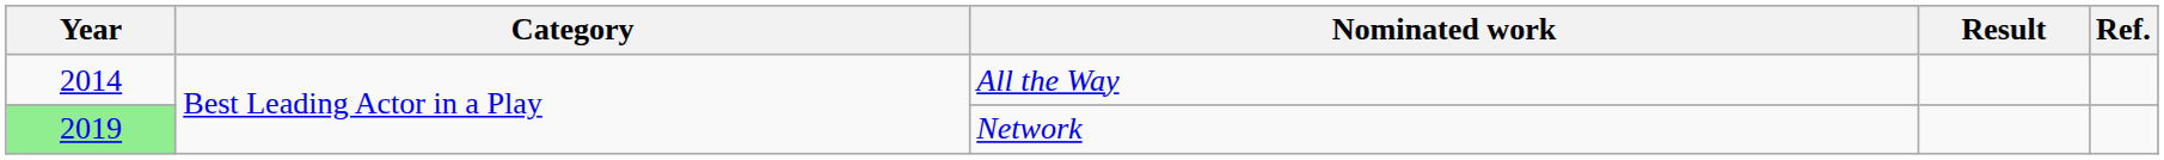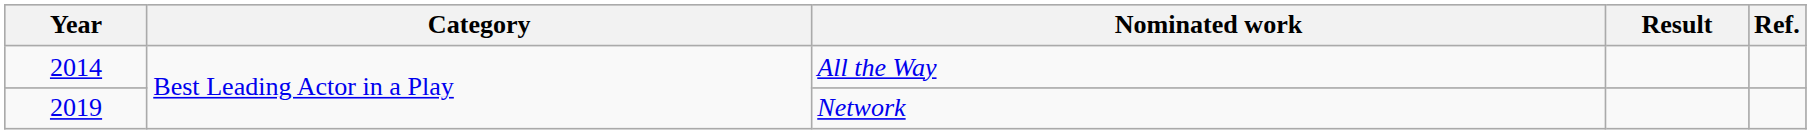 <table class=wikitable>
 <tr>
 <th scope="col" style="width:5em;">Year</th>
 <th scope="col" style="width:25em;">Category</th>
 <th scope="col" style="width:30em;">Nominated work</th>
 <th scope="col" style="width:5em;">Result</th>
 <th>Ref.</th>
 </tr>
 <tr>
 <td style="text-align:center;"><a href='#'>2014</a></td>
 <td rowspan=2><a href='#'>Best Leading Actor in a Play</a></td>
 <td><em><a href='#'>All the Way</a></em></td>
 <td></td>
 <td style="text-align:center;"></td>
 </tr>
 <tr>
-<td style="background: lightgreen; text-align:center;"><a href='#'>2019</a></td>
+<td style="text-align:center;"><a href='#'>2019</a></td>
 <td><em><a href='#'>Network</a></em></td>
 <td></td>
 <td style="text-align:center;"></td>
 </tr>
 </table>
